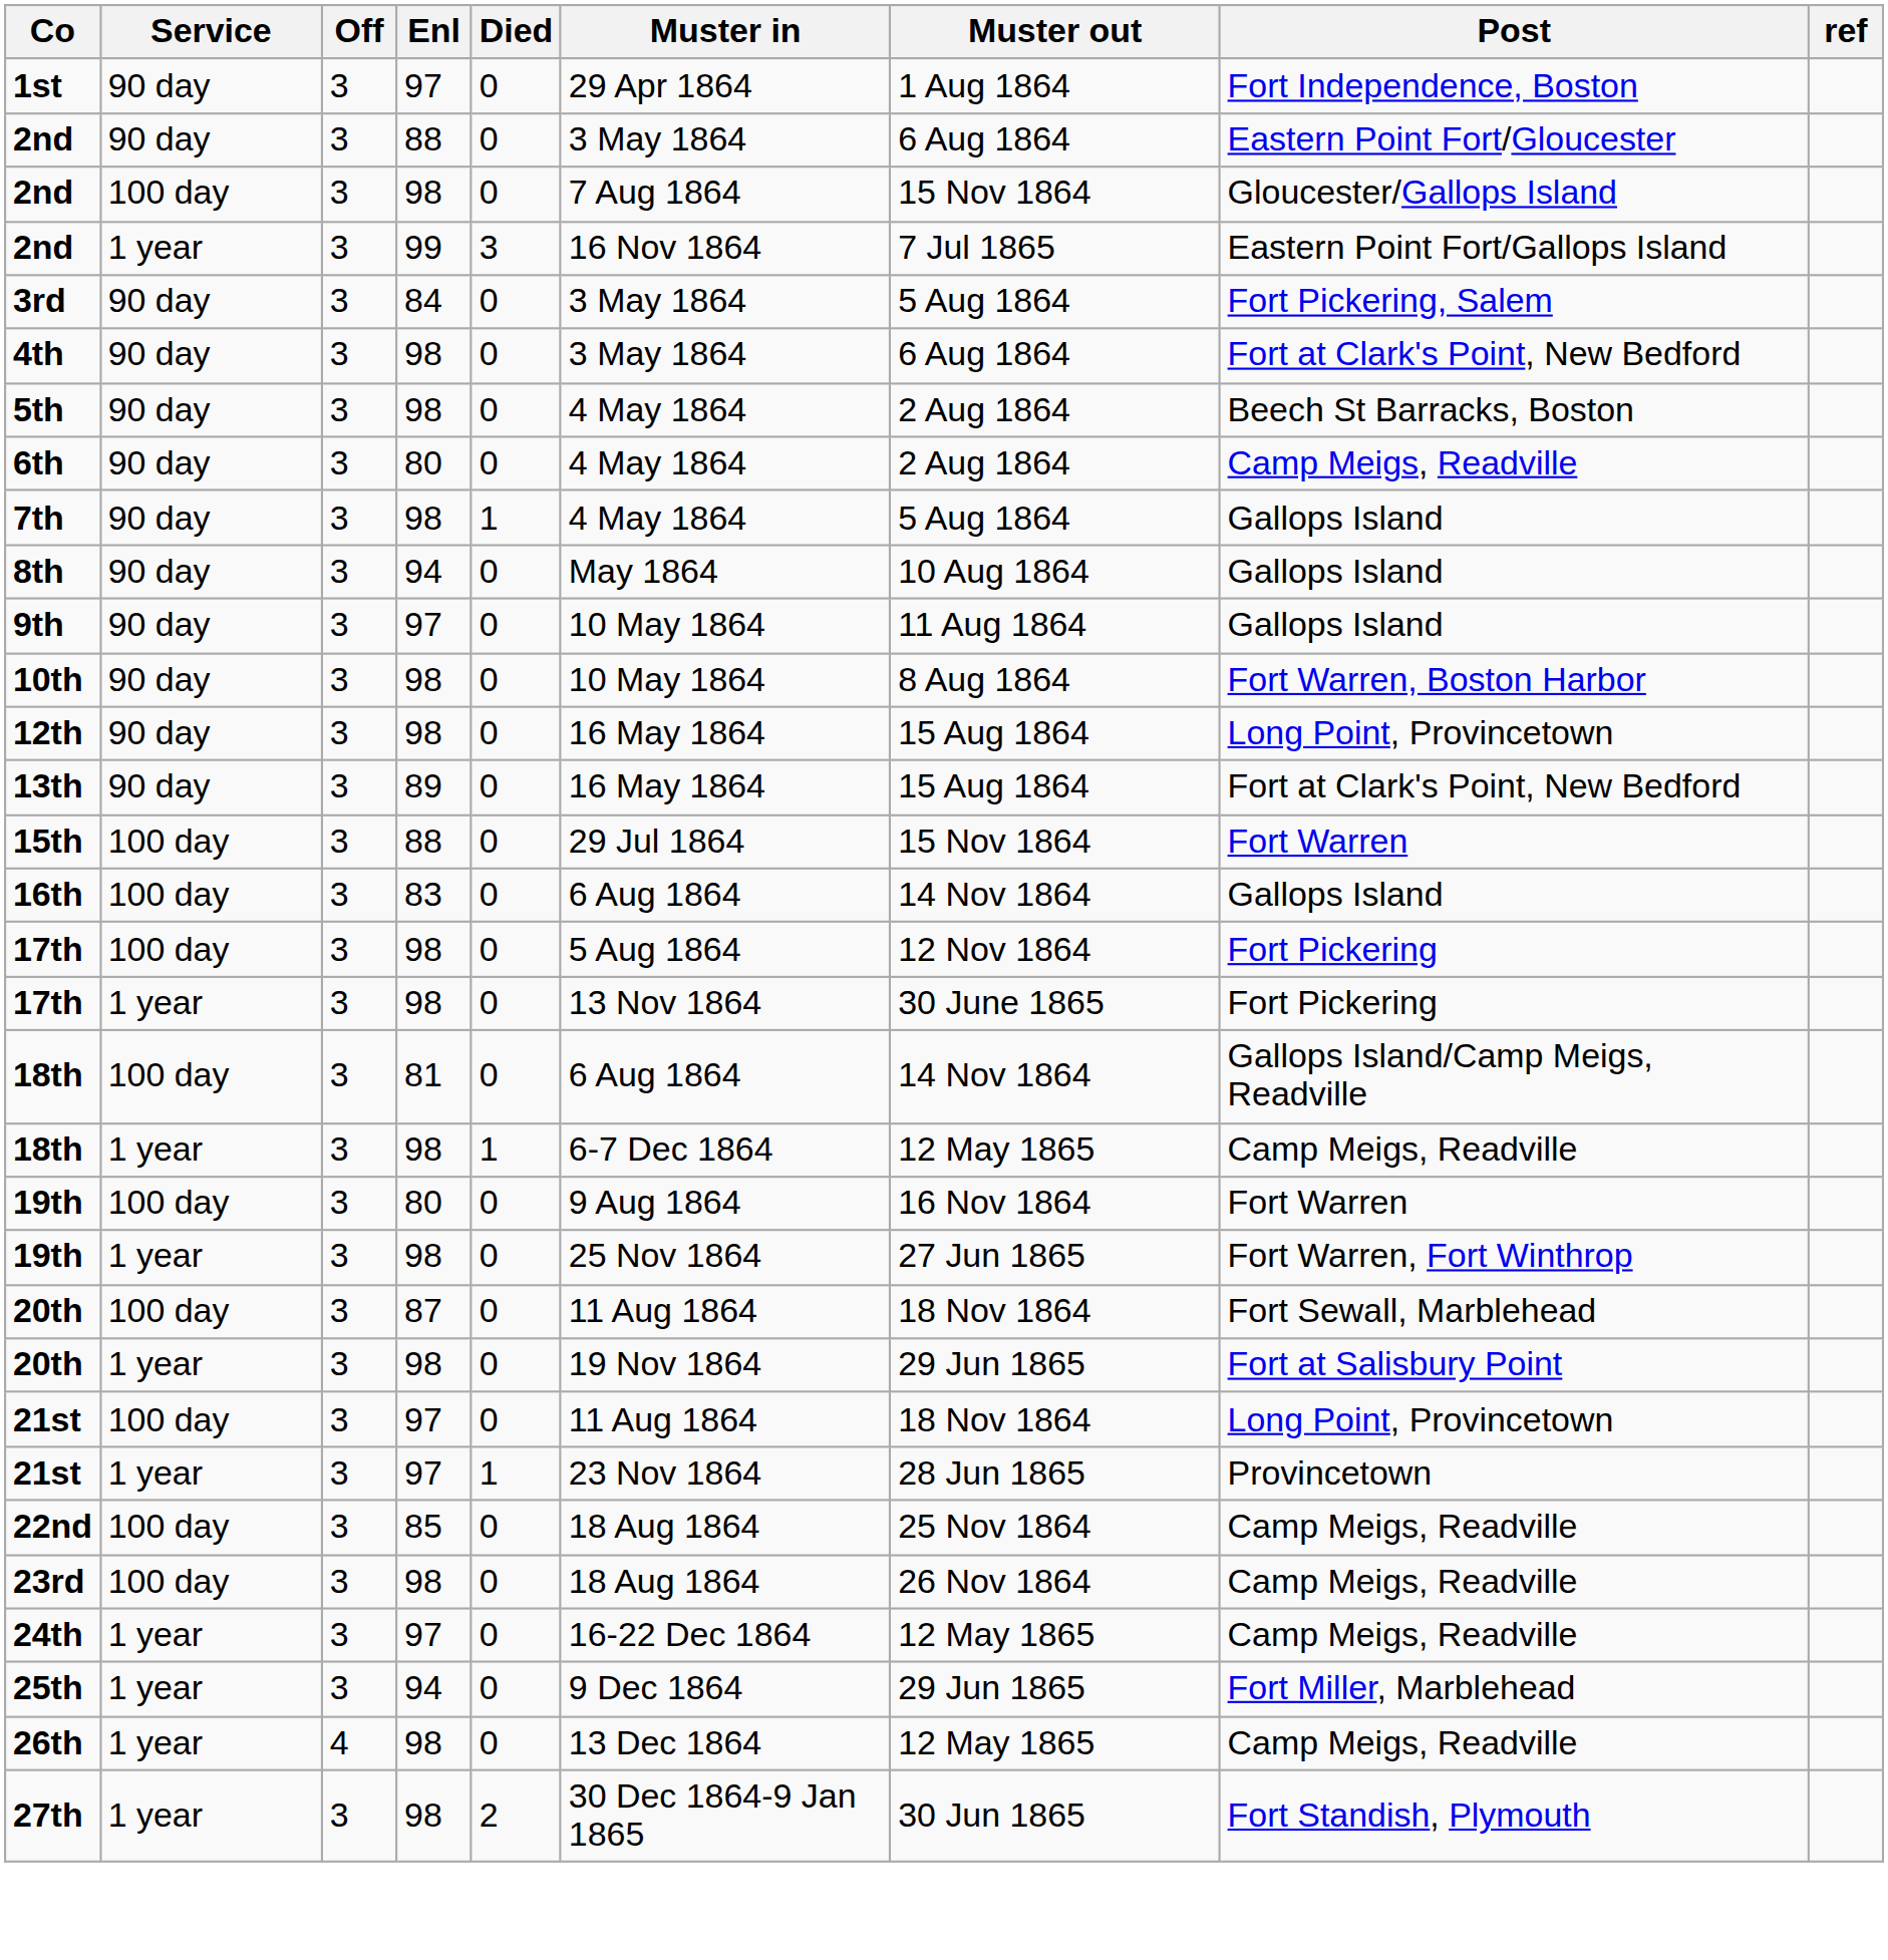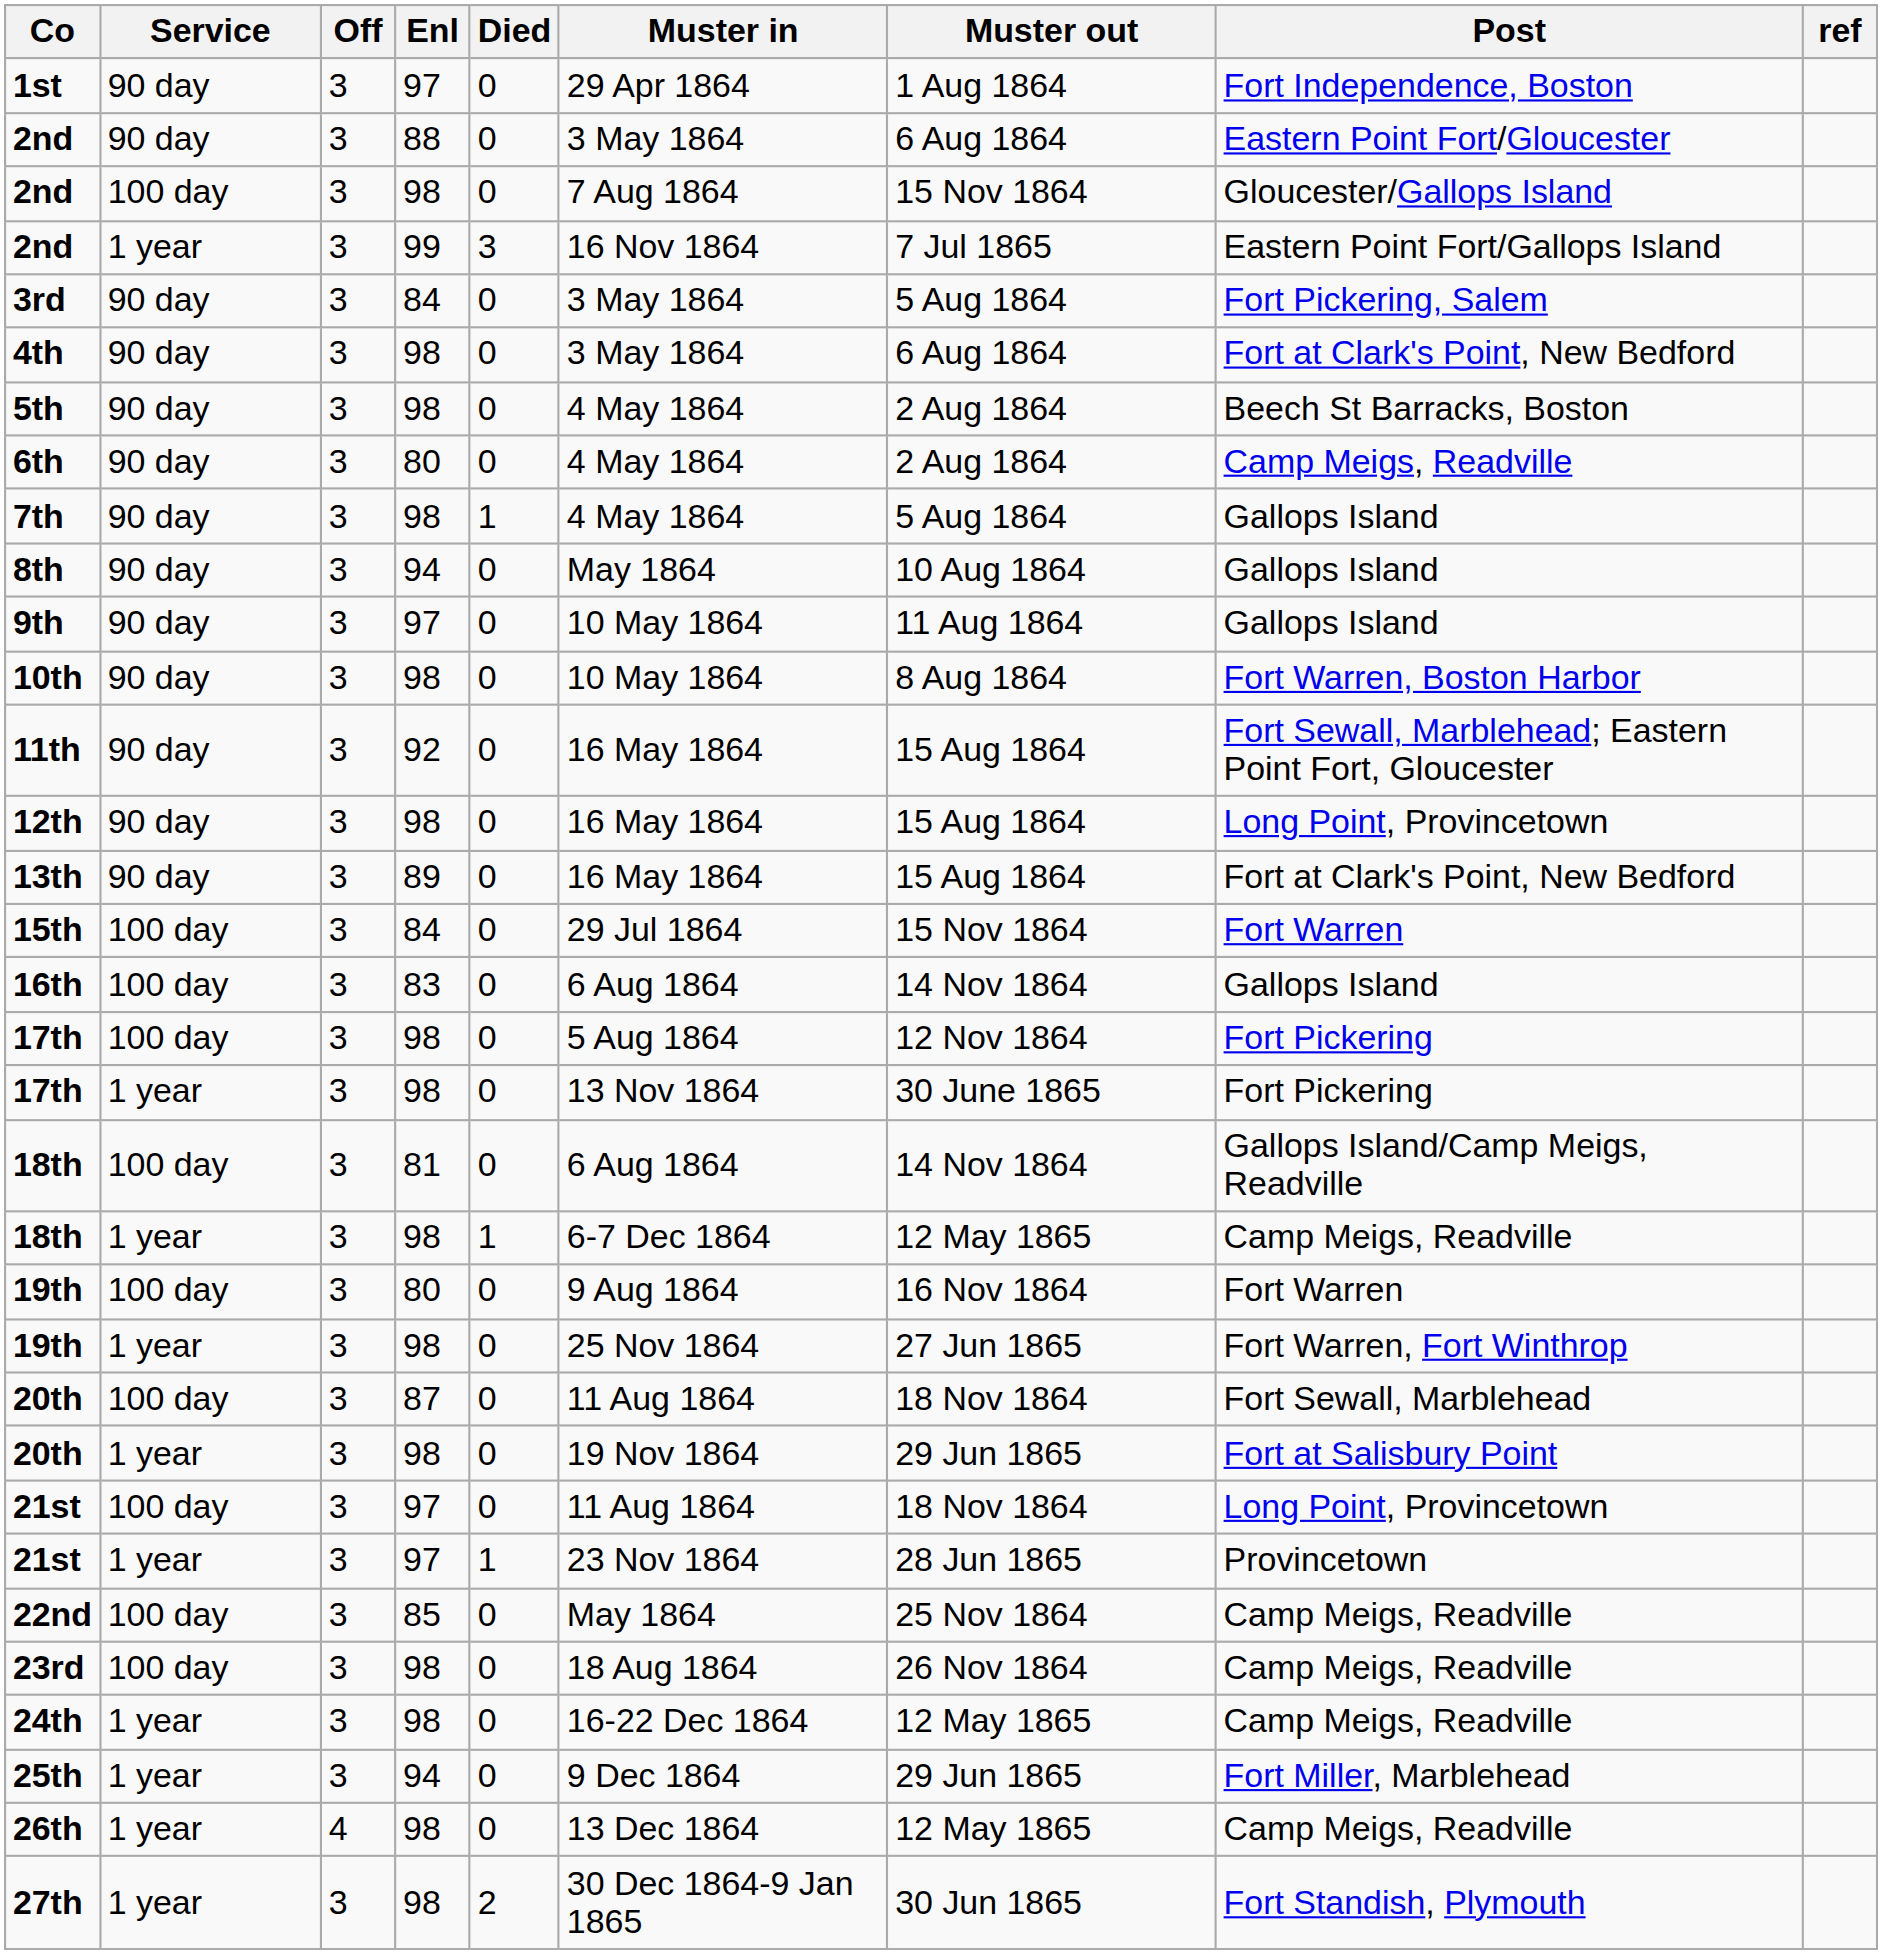 <table class="wikitable" style="width:100%; font size:95%;">
 <tr>
 <th width="4%">Co</th>
 <th width="12%">Service</th>
 <th width="4%">Off</th>
 <th width="4%">Enl</th>
 <th width="4%">Died</th>
 <th width="18%">Muster in</th>
 <th width="18%">Muster out</th>
 <th width="32%">Post</th>
 <th width="4%">ref</th>
 </tr>
 <tr>
 <td><strong>1st</strong></td>
 <td>90 day</td>
 <td>3</td>
 <td>97</td>
 <td>0</td>
 <td>29 Apr 1864</td>
 <td>1 Aug 1864</td>
 <td><a href='#'>Fort Independence, Boston</a></td>
 <td></td>
 </tr>
 <tr>
 <td><strong>2nd</strong></td>
 <td>90 day</td>
 <td>3</td>
 <td>88</td>
 <td>0</td>
 <td>3 May 1864</td>
 <td>6 Aug 1864</td>
 <td><a href='#'>Eastern Point Fort</a>/<a href='#'>Gloucester</a></td>
 <td></td>
 </tr>
 <tr>
 <td><strong>2nd</strong></td>
 <td>100 day</td>
 <td>3</td>
 <td>98</td>
 <td>0</td>
 <td>7 Aug 1864</td>
 <td>15 Nov 1864</td>
 <td>Gloucester/<a href='#'>Gallops Island</a></td>
 <td></td>
 </tr>
 <tr>
 <td><strong>2nd</strong></td>
 <td>1 year</td>
 <td>3</td>
 <td>99</td>
 <td>3</td>
 <td>16 Nov 1864</td>
 <td>7 Jul 1865</td>
 <td>Eastern Point Fort/Gallops Island</td>
 <td></td>
 </tr>
 <tr>
 <td><strong>3rd</strong></td>
 <td>90 day</td>
 <td>3</td>
 <td>84</td>
 <td>0</td>
 <td>3 May 1864</td>
 <td>5 Aug 1864</td>
 <td><a href='#'>Fort Pickering, Salem</a></td>
 <td></td>
 </tr>
 <tr>
 <td><strong>4th</strong></td>
 <td>90 day</td>
 <td>3</td>
 <td>98</td>
 <td>0</td>
 <td>3 May 1864</td>
 <td>6 Aug 1864</td>
 <td><a href='#'>Fort at Clark's Point</a>, New Bedford</td>
 <td></td>
 </tr>
 <tr>
 <td><strong>5th</strong></td>
 <td>90 day</td>
 <td>3</td>
 <td>98</td>
 <td>0</td>
 <td>4 May 1864</td>
 <td>2 Aug 1864</td>
 <td>Beech St Barracks, Boston</td>
 <td></td>
 </tr>
 <tr>
 <td><strong>6th</strong></td>
 <td>90 day</td>
 <td>3</td>
 <td>80</td>
 <td>0</td>
 <td>4 May 1864</td>
 <td>2 Aug 1864</td>
 <td><a href='#'>Camp Meigs</a>, <a href='#'>Readville</a></td>
 <td></td>
 </tr>
 <tr>
 <td><strong>7th</strong></td>
 <td>90 day</td>
 <td>3</td>
 <td>98</td>
 <td>1</td>
 <td>4 May 1864</td>
 <td>5 Aug 1864</td>
 <td>Gallops Island</td>
 <td></td>
 </tr>
 <tr>
 <td><strong>8th</strong></td>
 <td>90 day</td>
 <td>3</td>
 <td>94</td>
 <td>0</td>
 <td>May 1864</td>
 <td>10 Aug 1864</td>
 <td>Gallops Island</td>
 <td></td>
 </tr>
 <tr>
 <td><strong>9th</strong></td>
 <td>90 day</td>
 <td>3</td>
 <td>97</td>
 <td>0</td>
 <td>10 May 1864</td>
 <td>11 Aug 1864</td>
 <td>Gallops Island</td>
 <td></td>
 </tr>
 <tr>
 <td><strong>10th</strong></td>
 <td>90 day</td>
 <td>3</td>
 <td>98</td>
 <td>0</td>
 <td>10 May 1864</td>
 <td>8 Aug 1864</td>
 <td><a href='#'>Fort Warren, Boston Harbor</a></td>
 <td></td>
 </tr>
 <tr>
+<td><strong>11th</strong></td>
+<td>90 day</td>
+<td>3</td>
+<td>92</td>
+<td>0</td>
+<td>16 May 1864</td>
+<td>15 Aug 1864</td>
+<td><a href='#'>Fort Sewall, Marblehead</a>; Eastern Point Fort, Gloucester</td>
+<td></td>
+</tr>
+<tr>
 <td><strong>12th</strong></td>
 <td>90 day</td>
 <td>3</td>
 <td>98</td>
 <td>0</td>
 <td>16 May 1864</td>
 <td>15 Aug 1864</td>
 <td><a href='#'>Long Point</a>, Provincetown</td>
 <td></td>
 </tr>
 <tr>
 <td><strong>13th</strong></td>
 <td>90 day</td>
 <td>3</td>
 <td>89</td>
 <td>0</td>
 <td>16 May 1864</td>
 <td>15 Aug 1864</td>
 <td>Fort at Clark's Point, New Bedford</td>
 <td></td>
 </tr>
 <tr>
 <td><strong>15th</strong></td>
 <td>100 day</td>
 <td>3</td>
-<td>88</td>
+<td>84</td>
 <td>0</td>
 <td>29 Jul 1864</td>
 <td>15 Nov 1864</td>
 <td><a href='#'>Fort Warren</a></td>
 <td></td>
 </tr>
 <tr>
 <td><strong>16th</strong></td>
 <td>100 day</td>
 <td>3</td>
 <td>83</td>
 <td>0</td>
 <td>6 Aug 1864</td>
 <td>14 Nov 1864</td>
 <td>Gallops Island</td>
 <td></td>
 </tr>
 <tr>
 <td><strong>17th</strong></td>
 <td>100 day</td>
 <td>3</td>
 <td>98</td>
 <td>0</td>
 <td>5 Aug 1864</td>
 <td>12 Nov 1864</td>
 <td><a href='#'>Fort Pickering</a></td>
 <td></td>
 </tr>
 <tr>
 <td><strong>17th</strong></td>
 <td>1 year</td>
 <td>3</td>
 <td>98</td>
 <td>0</td>
 <td>13 Nov 1864</td>
 <td>30 June 1865</td>
 <td>Fort Pickering</td>
 <td></td>
 </tr>
 <tr>
 <td><strong>18th</strong></td>
 <td>100 day</td>
 <td>3</td>
 <td>81</td>
 <td>0</td>
 <td>6 Aug 1864</td>
 <td>14 Nov 1864</td>
 <td>Gallops Island/Camp Meigs, Readville</td>
 <td></td>
 </tr>
 <tr>
 <td><strong>18th</strong></td>
 <td>1 year</td>
 <td>3</td>
 <td>98</td>
 <td>1</td>
 <td>6-7 Dec 1864</td>
 <td>12 May 1865</td>
 <td>Camp Meigs, Readville</td>
 <td></td>
 </tr>
 <tr>
 <td><strong>19th</strong></td>
 <td>100 day</td>
 <td>3</td>
 <td>80</td>
 <td>0</td>
 <td>9 Aug 1864</td>
 <td>16 Nov 1864</td>
 <td>Fort Warren</td>
 <td></td>
 </tr>
 <tr>
 <td><strong>19th</strong></td>
 <td>1 year</td>
 <td>3</td>
 <td>98</td>
 <td>0</td>
 <td>25 Nov 1864</td>
 <td>27 Jun 1865</td>
 <td>Fort Warren, <a href='#'>Fort Winthrop</a></td>
 <td></td>
 </tr>
 <tr>
 <td><strong>20th</strong></td>
 <td>100 day</td>
 <td>3</td>
 <td>87</td>
 <td>0</td>
 <td>11 Aug 1864</td>
 <td>18 Nov 1864</td>
 <td>Fort Sewall, Marblehead</td>
 <td></td>
 </tr>
 <tr>
 <td><strong>20th</strong></td>
 <td>1 year</td>
 <td>3</td>
 <td>98</td>
 <td>0</td>
 <td>19 Nov 1864</td>
 <td>29 Jun 1865</td>
 <td><a href='#'>Fort at Salisbury Point</a></td>
 <td></td>
 </tr>
 <tr>
 <td><strong>21st</strong></td>
 <td>100 day</td>
 <td>3</td>
 <td>97</td>
 <td>0</td>
 <td>11 Aug 1864</td>
 <td>18 Nov 1864</td>
 <td><a href='#'>Long Point</a>, Provincetown</td>
 <td></td>
 </tr>
 <tr>
 <td><strong>21st</strong></td>
 <td>1 year</td>
 <td>3</td>
 <td>97</td>
 <td>1</td>
 <td>23 Nov 1864</td>
 <td>28 Jun 1865</td>
 <td>Provincetown</td>
 <td></td>
 </tr>
 <tr>
 <td><strong>22nd</strong></td>
 <td>100 day</td>
 <td>3</td>
 <td>85</td>
 <td>0</td>
-<td>18 Aug 1864</td>
+<td>May 1864</td>
 <td>25 Nov 1864</td>
 <td>Camp Meigs, Readville</td>
 <td></td>
 </tr>
 <tr>
 <td><strong>23rd</strong></td>
 <td>100 day</td>
 <td>3</td>
 <td>98</td>
 <td>0</td>
 <td>18 Aug 1864</td>
 <td>26 Nov 1864</td>
 <td>Camp Meigs, Readville</td>
 <td></td>
 </tr>
 <tr>
 <td><strong>24th</strong></td>
 <td>1 year</td>
 <td>3</td>
-<td>97</td>
+<td>98</td>
 <td>0</td>
 <td>16-22 Dec 1864</td>
 <td>12 May 1865</td>
 <td>Camp Meigs, Readville</td>
 <td></td>
 </tr>
 <tr>
 <td><strong>25th</strong></td>
 <td>1 year</td>
 <td>3</td>
 <td>94</td>
 <td>0</td>
 <td>9 Dec 1864</td>
 <td>29 Jun 1865</td>
 <td><a href='#'>Fort Miller</a>, Marblehead</td>
 <td></td>
 </tr>
 <tr>
 <td><strong>26th</strong></td>
 <td>1 year</td>
 <td>4</td>
 <td>98</td>
 <td>0</td>
 <td>13 Dec 1864</td>
 <td>12 May 1865</td>
 <td>Camp Meigs, Readville</td>
 <td></td>
 </tr>
 <tr>
 <td><strong>27th</strong></td>
 <td>1 year</td>
 <td>3</td>
 <td>98</td>
 <td>2</td>
 <td>30 Dec 1864-9 Jan 1865</td>
 <td>30 Jun 1865</td>
 <td><a href='#'>Fort Standish</a>, <a href='#'>Plymouth</a></td>
 <td></td>
 </tr>
 </table>
